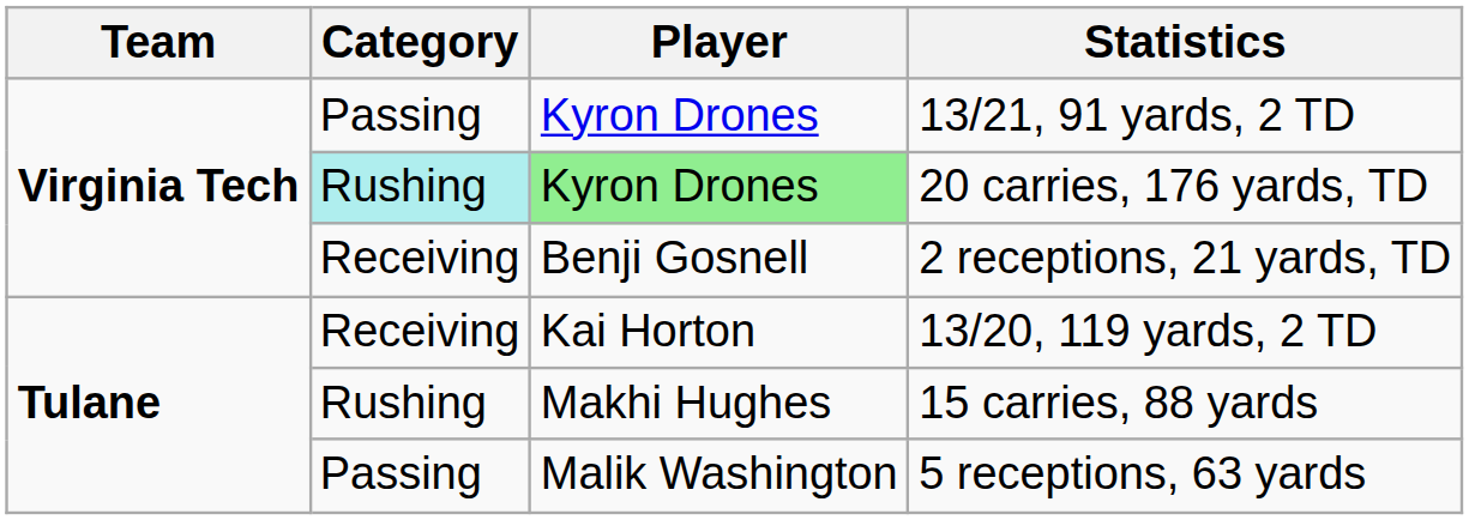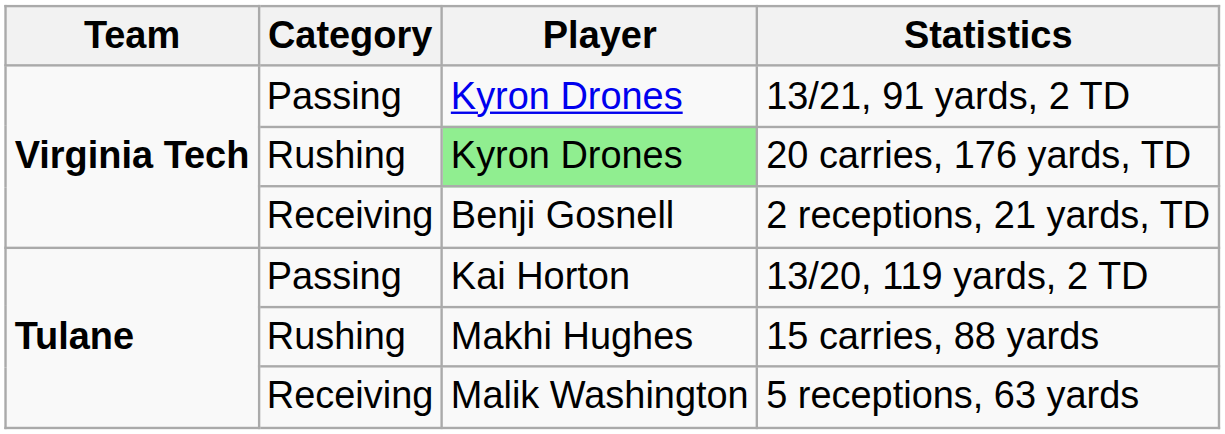 <table class="wikitable" style="float: right;">
 <tr>
 <th>Team</th>
 <th>Category</th>
 <th>Player</th>
 <th>Statistics</th>
 </tr>
 <tr>
 <td rowspan=3><strong>Virginia Tech</strong></td>
 <td>Passing</td>
 <td><a href='#'>Kyron Drones</a></td>
 <td>13/21, 91 yards, 2 TD</td>
 </tr>
 <tr>
-<td style="background: paleturquoise;">Rushing</td>
+<td>Rushing</td>
 <td style="background: lightgreen;">Kyron Drones</td>
 <td>20 carries, 176 yards, TD</td>
 </tr>
 <tr>
 <td>Receiving</td>
 <td>Benji Gosnell</td>
 <td>2 receptions, 21 yards, TD</td>
 </tr>
 <tr>
 <td rowspan=3><strong>Tulane</strong></td>
-<td>Receiving</td>
+<td>Passing</td>
 <td>Kai Horton</td>
 <td>13/20, 119 yards, 2 TD</td>
 </tr>
 <tr>
 <td>Rushing</td>
 <td>Makhi Hughes</td>
 <td>15 carries, 88 yards</td>
 </tr>
 <tr>
-<td>Passing</td>
+<td>Receiving</td>
 <td>Malik Washington</td>
 <td>5 receptions, 63 yards</td>
 </tr>
 </table>
